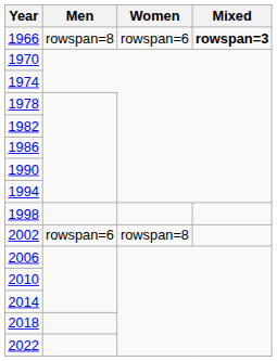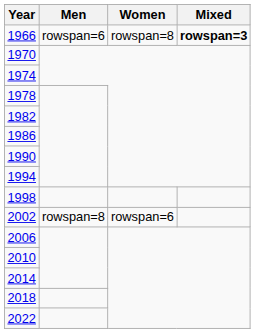 <table class=wikitable style="font-size:90%;">
 <tr>
 <th>Year</th>
 <th>Men</th>
 <th>Women</th>
 <th>Mixed</th>
 </tr>
 <tr>
 <td><a href='#'>1966</a></td>
+<td>rowspan=6 </td>
 <td>rowspan=8 </td>
-<td>rowspan=6 </td>
 <td><strong>rowspan=3 </strong></td>
 </tr>
 <tr>
 <td><a href='#'>1970</a></td>
 </tr>
 <tr>
 <td><a href='#'>1974</a></td>
 </tr>
 <tr>
 <td><a href='#'>1978</a></td>
 <td rowspan=5></td>
 </tr>
 <tr>
 <td><a href='#'>1982</a></td>
 </tr>
 <tr>
 <td><a href='#'>1986</a></td>
 </tr>
 <tr>
 <td><a href='#'>1990</a></td>
 </tr>
 <tr>
 <td><a href='#'>1994</a></td>
 </tr>
 <tr>
 <td><a href='#'>1998</a></td>
 <td></td>
 <td></td>
 <td></td>
 </tr>
 <tr>
 <td><a href='#'>2002</a></td>
+<td>rowspan=8 </td>
 <td>rowspan=6 </td>
-<td>rowspan=8 </td>
 <td></td>
 </tr>
 <tr>
 <td><a href='#'>2006</a></td>
 <td rowspan=3></td>
 </tr>
 <tr>
 <td><a href='#'>2010</a></td>
 </tr>
 <tr>
 <td><a href='#'>2014</a></td>
 </tr>
 <tr>
 <td><a href='#'>2018</a></td>
 <td></td>
 </tr>
 <tr>
 <td><a href='#'>2022</a></td>
 <td></td>
 </tr>
 </table>
